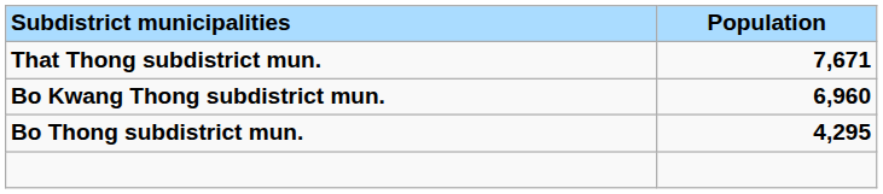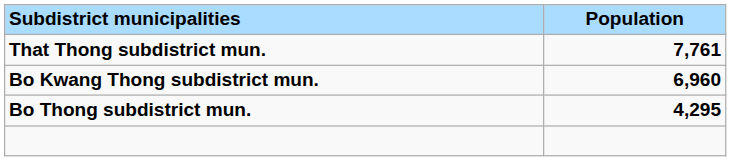 <table class="wikitable" style="width:48%; display:inline-table;">
 <tr>
 <td style= "background: #aadcff;"><strong>Subdistrict municipalities</strong></td>
 <td style= "background: #aadcff; text-align:center;"><strong>Population</strong></td>
 </tr>
 <tr>
 <td><strong>That Thong subdistrict mun.</strong></td>
-<td style="text-align:right;"><strong>7,671</strong></td>
+<td style="text-align:right;"><strong>7,761</strong></td>
 </tr>
 <tr>
 <td><strong>Bo Kwang Thong subdistrict mun.</strong></td>
 <td style="text-align:right;"><strong>6,960</strong></td>
 </tr>
 <tr>
 <td><strong>Bo Thong subdistrict mun.</strong></td>
 <td style="text-align:right;"><strong>4,295</strong></td>
 </tr>
 <tr>
 <td> </td>
 <td> </td>
 </tr>
 </table>
